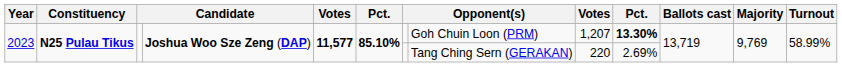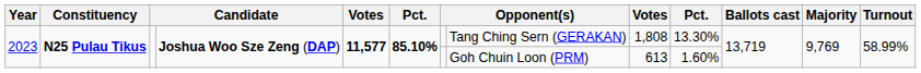 <table class="wikitable" style="margin:0.5em ; font-size:95%">
 <tr>
 <th>Year</th>
 <th>Constituency</th>
 <th colspan=2>Candidate</th>
 <th>Votes</th>
 <th>Pct.</th>
 <th colspan=2>Opponent(s)</th>
 <th>Votes</th>
 <th>Pct.</th>
 <th>Ballots cast</th>
 <th>Majority</th>
 <th>Turnout</th>
 </tr>
 <tr>
 <td rowspan="2"><a href='#'>2023</a></td>
 <td rowspan="2"><strong>N25 <a href='#'>Pulau Tikus</a></strong></td>
 <td rowspan="2" ></td>
 <td rowspan="2"><strong>Joshua Woo Sze Zeng</strong> (<a href='#'><strong>DAP</strong></a>)</td>
 <td rowspan="2" align=right><strong>11,577</strong></td>
 <td rowspan="2"><strong>85.10%</strong></td>
 <td bgcolor=></td>
-<td>Goh Chuin Loon (<a href='#'>PRM</a>)</td>
-<td align=right>1,207</td>
-<td><strong>13.30%</strong></td>
+<td>Tang Ching Sern (<a href='#'>GERAKAN</a>)</td>
+<td align=right>1,808</td>
+<td>13.30%</td>
 <td rowspan="2">13,719</td>
 <td rowspan="2">9,769</td>
 <td rowspan="2">58.99%</td>
 </tr>
 <tr>
 <td bgcolor=></td>
-<td>Tang Ching Sern (<a href='#'>GERAKAN</a>)</td>
-<td align=right>220</td>
-<td align=right>2.69%</td>
+<td>Goh Chuin Loon (<a href='#'>PRM</a>)</td>
+<td align=right>613</td>
+<td align=right>1.60%</td>
 </tr>
 </table>
